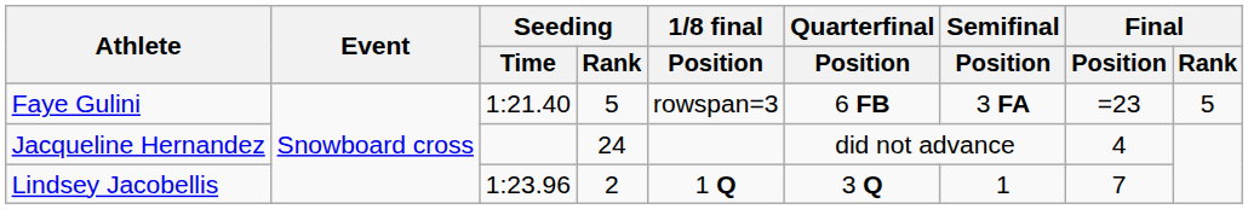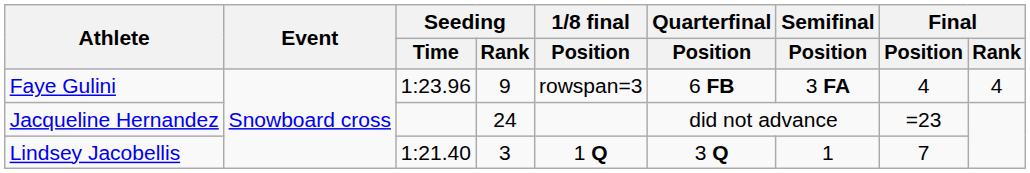 <table class=wikitable style=font-size:90%;text-align:center>
 <tr>
 <th rowspan=2>Athlete</th>
 <th rowspan=2>Event</th>
 <th colspan=2>Seeding</th>
 <th>1/8 final</th>
 <th>Quarterfinal</th>
 <th>Semifinal</th>
 <th colspan=2>Final</th>
 </tr>
 <tr style=font-size:95%>
 <th>Time</th>
 <th>Rank</th>
 <th>Position</th>
 <th>Position</th>
 <th>Position</th>
 <th>Position</th>
 <th>Rank</th>
 </tr>
 <tr>
 <td align=left><a href='#'>Faye Gulini</a></td>
 <td align=left rowspan=3><a href='#'>Snowboard cross</a></td>
-<td>1:21.40</td>
-<td>5</td>
+<td>1:23.96</td>
+<td>9</td>
 <td>rowspan=3 </td>
 <td>6 <strong>FB</strong></td>
 <td>3 <strong>FA</strong></td>
-<td>=23</td>
-<td>5</td>
+<td>4</td>
+<td>4</td>
 </tr>
 <tr>
 <td align=left><a href='#'>Jacqueline Hernandez</a></td>
 <td></td>
 <td>24</td>
 <td></td>
 <td colspan=2>did not advance</td>
-<td>4</td>
+<td>=23</td>
 </tr>
 <tr>
 <td align=left><a href='#'>Lindsey Jacobellis</a></td>
-<td>1:23.96</td>
-<td>2</td>
+<td>1:21.40</td>
+<td>3</td>
 <td>1 <strong>Q</strong></td>
 <td>3 <strong>Q</strong></td>
 <td>1</td>
 <td>7</td>
 </tr>
 </table>
